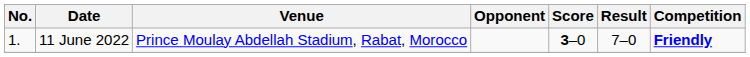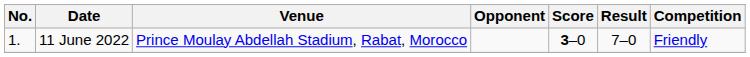 <table class="wikitable">
 <tr>
 <th>No.</th>
 <th>Date</th>
 <th>Venue</th>
 <th>Opponent</th>
 <th>Score</th>
 <th>Result</th>
 <th>Competition</th>
 </tr>
 <tr>
 <td>1.</td>
 <td>11 June 2022</td>
 <td><a href='#'>Prince Moulay Abdellah Stadium</a>, <a href='#'>Rabat</a>, <a href='#'>Morocco</a></td>
 <td></td>
 <td align=center><strong>3</strong>–0</td>
 <td align=center>7–0</td>
-<td><strong><a href='#'>Friendly</a></strong></td>
+<td><a href='#'>Friendly</a></td>
 </tr>
 <tr>
 </tr>
 </table>
